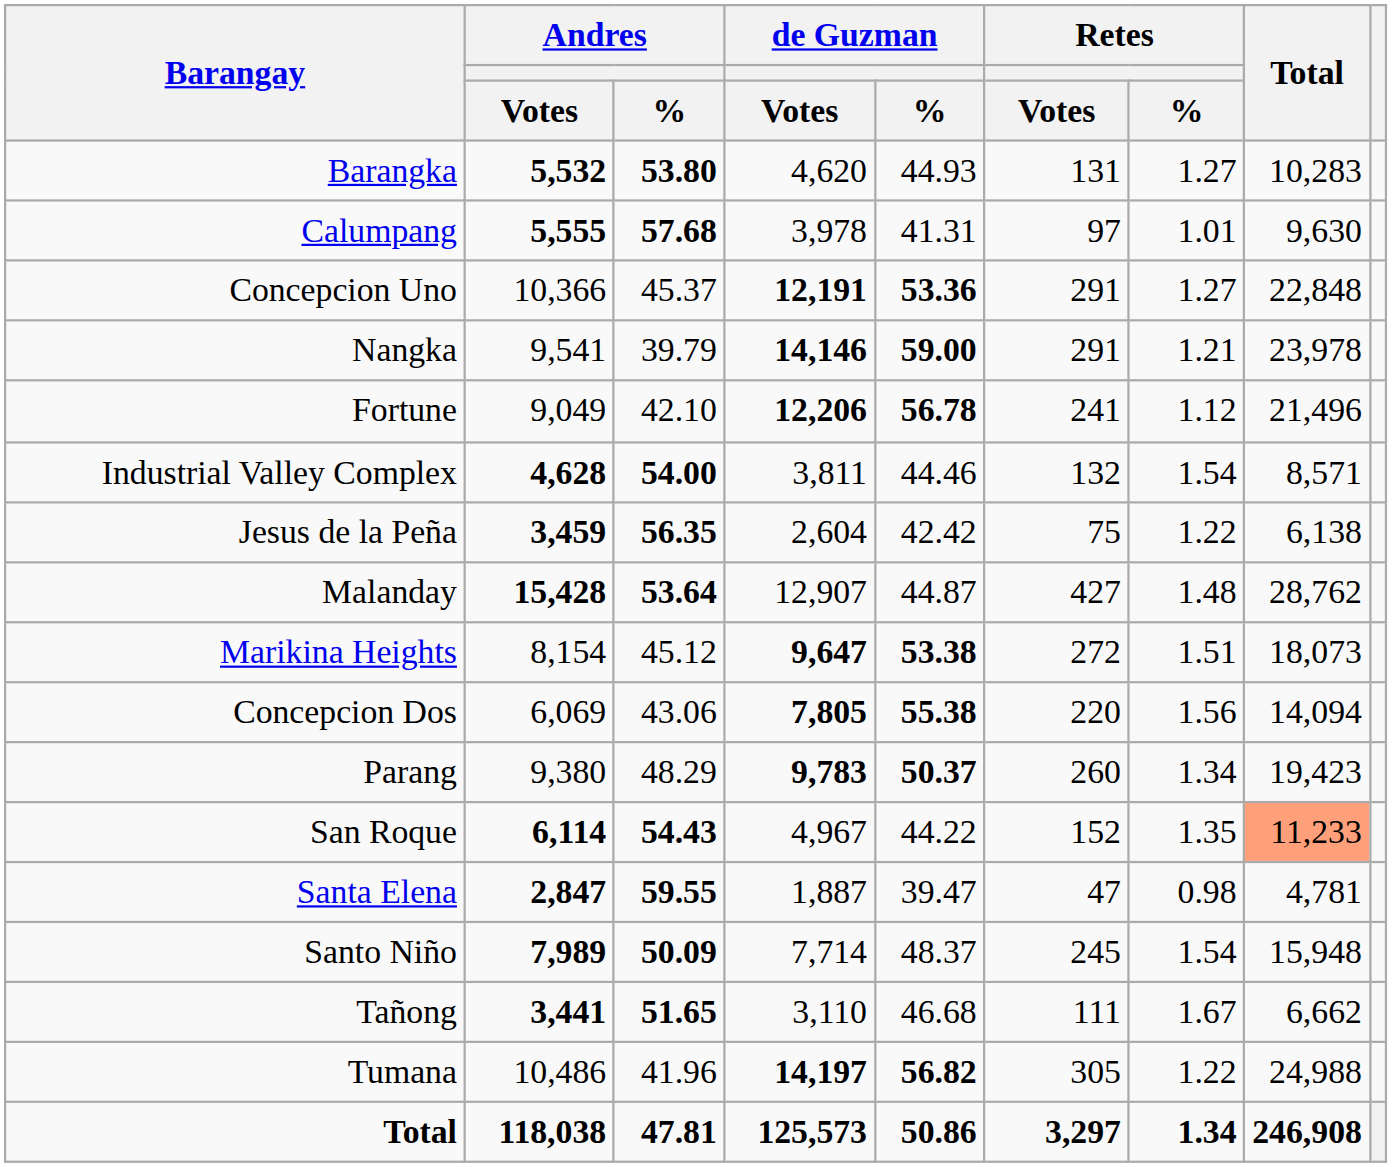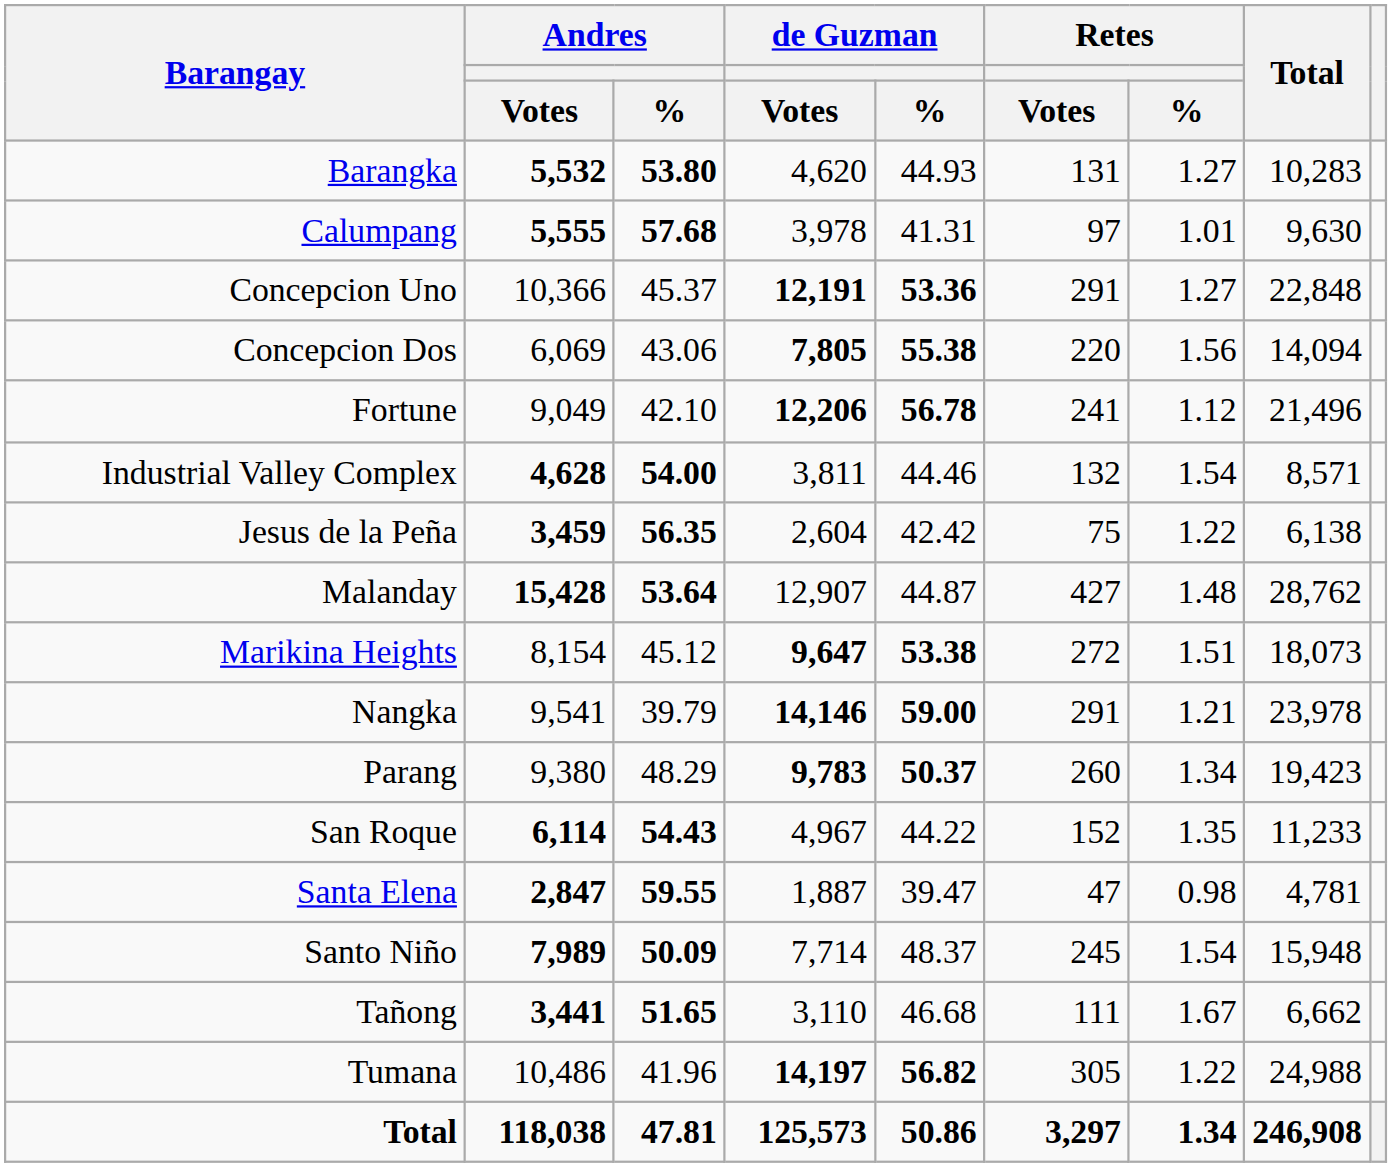 <table class="wikitable collapsible" style="text-align:right; font-size:95%; line-height:20px;">
 <tr>
 <th rowspan="3" width="200"><a href='#'>Barangay</a></th>
 <th colspan="2" width="110"><a href='#'>Andres</a></th>
 <th colspan="2" width="110"><a href='#'>de Guzman</a></th>
 <th colspan="2" width="110">Retes</th>
 <th rowspan="3">Total</th>
 <th rowspan="3"></th>
 </tr>
 <tr>
 <th colspan="2" style="background:"></th>
 <th colspan="2" style="background:"></th>
 <th colspan="2" style="background:"></th>
 </tr>
 <tr>
 <th>Votes</th>
 <th>%</th>
 <th>Votes</th>
 <th>%</th>
 <th>Votes</th>
 <th>%</th>
 </tr>
 <tr>
 <td><a href='#'>Barangka</a></td>
 <td style="background:#"><strong>5,532</strong></td>
 <td style="background:#"><strong>53.80</strong></td>
 <td align="right">4,620</td>
 <td align="right">44.93</td>
 <td align="right">131</td>
 <td align="right">1.27</td>
 <td align="right">10,283</td>
 <td></td>
 </tr>
 <tr>
 <td><a href='#'>Calumpang</a></td>
 <td style="background:#"><strong>5,555</strong></td>
 <td style="background:#"><strong>57.68</strong></td>
 <td align="right">3,978</td>
 <td align="right">41.31</td>
 <td align="right">97</td>
 <td align="right">1.01</td>
 <td align="right">9,630</td>
 <td></td>
 </tr>
 <tr>
 <td>Concepcion Uno</td>
 <td align="right">10,366</td>
 <td align="right">45.37</td>
 <td style="background:#"><strong>12,191</strong></td>
 <td style="background:#"><strong>53.36</strong></td>
 <td align="right">291</td>
 <td align="right">1.27</td>
 <td align="right">22,848</td>
 <td></td>
 </tr>
 <tr>
-<td>Nangka</td>
-<td align="right">9,541</td>
-<td align="right">39.79</td>
-<td style="background:#"><strong>14,146</strong></td>
-<td style="background:#"><strong>59.00</strong></td>
-<td align="right">291</td>
-<td align="right">1.21</td>
-<td align="right">23,978</td>
+<td>Concepcion Dos</td>
+<td align="right">6,069</td>
+<td align="right">43.06</td>
+<td style="background:#"><strong>7,805</strong></td>
+<td style="background:#"><strong>55.38</strong></td>
+<td align="right">220</td>
+<td align="right">1.56</td>
+<td align="right">14,094</td>
 <td></td>
 </tr>
 <tr>
 <td>Fortune</td>
 <td align="right">9,049</td>
 <td align="right">42.10</td>
 <td style="background:#"><strong>12,206</strong></td>
 <td style="background:#"><strong>56.78</strong></td>
 <td align="right">241</td>
 <td align="right">1.12</td>
 <td align="right">21,496</td>
 <td></td>
 </tr>
 <tr>
 <td>Industrial Valley Complex</td>
 <td style="background:#"><strong>4,628</strong></td>
 <td style="background:#"><strong>54.00</strong></td>
 <td align="right">3,811</td>
 <td align="right">44.46</td>
 <td align="right">132</td>
 <td align="right">1.54</td>
 <td align="right">8,571</td>
 <td></td>
 </tr>
 <tr>
 <td>Jesus de la Peña</td>
 <td style="background:#"><strong>3,459</strong></td>
 <td style="background:#"><strong>56.35</strong></td>
 <td align="right">2,604</td>
 <td align="right">42.42</td>
 <td align="right">75</td>
 <td align="right">1.22</td>
 <td align="right">6,138</td>
 <td></td>
 </tr>
 <tr>
 <td>Malanday</td>
 <td style="background:#"><strong>15,428</strong></td>
 <td style="background:#"><strong>53.64</strong></td>
 <td align="right">12,907</td>
 <td align="right">44.87</td>
 <td align="right">427</td>
 <td align="right">1.48</td>
 <td align="right">28,762</td>
 <td></td>
 </tr>
 <tr>
 <td><a href='#'>Marikina Heights</a></td>
 <td align="right">8,154</td>
 <td align="right">45.12</td>
 <td style="background:#"><strong>9,647</strong></td>
 <td style="background:#"><strong>53.38</strong></td>
 <td align="right">272</td>
 <td align="right">1.51</td>
 <td align="right">18,073</td>
 <td></td>
 </tr>
 <tr>
-<td>Concepcion Dos</td>
-<td align="right">6,069</td>
-<td align="right">43.06</td>
-<td style="background:#"><strong>7,805</strong></td>
-<td style="background:#"><strong>55.38</strong></td>
-<td align="right">220</td>
-<td align="right">1.56</td>
-<td align="right">14,094</td>
+<td>Nangka</td>
+<td align="right">9,541</td>
+<td align="right">39.79</td>
+<td style="background:#"><strong>14,146</strong></td>
+<td style="background:#"><strong>59.00</strong></td>
+<td align="right">291</td>
+<td align="right">1.21</td>
+<td align="right">23,978</td>
 <td></td>
 </tr>
 <tr>
 <td>Parang</td>
 <td align="right">9,380</td>
 <td align="right">48.29</td>
 <td style="background:#"><strong>9,783</strong></td>
 <td style="background:#"><strong>50.37</strong></td>
 <td align="right">260</td>
 <td align="right">1.34</td>
 <td align="right">19,423</td>
 <td></td>
 </tr>
 <tr>
 <td>San Roque</td>
 <td style="background:#"><strong>6,114</strong></td>
 <td style="background:#"><strong>54.43</strong></td>
 <td align="right">4,967</td>
 <td align="right">44.22</td>
 <td align="right">152</td>
 <td align="right">1.35</td>
-<td align="right" style="background: lightsalmon;">11,233</td>
+<td align="right">11,233</td>
 <td></td>
 </tr>
 <tr>
 <td><a href='#'>Santa Elena</a></td>
 <td style="background:#"><strong>2,847</strong></td>
 <td style="background:#"><strong>59.55</strong></td>
 <td align="right">1,887</td>
 <td align="right">39.47</td>
 <td align="right">47</td>
 <td align="right">0.98</td>
 <td align="right">4,781</td>
 <td></td>
 </tr>
 <tr>
 <td>Santo Niño</td>
 <td style="background:#"><strong>7,989</strong></td>
 <td style="background:#"><strong>50.09</strong></td>
 <td align="right">7,714</td>
 <td align="right">48.37</td>
 <td align="right">245</td>
 <td align="right">1.54</td>
 <td align="right">15,948</td>
 <td></td>
 </tr>
 <tr>
 <td>Tañong</td>
 <td style="background:#"><strong>3,441</strong></td>
 <td style="background:#"><strong>51.65</strong></td>
 <td align="right">3,110</td>
 <td align="right">46.68</td>
 <td align="right">111</td>
 <td align="right">1.67</td>
 <td align="right">6,662</td>
 <td></td>
 </tr>
 <tr>
 <td>Tumana</td>
 <td align="right">10,486</td>
 <td align="right">41.96</td>
 <td style="background:#"><strong>14,197</strong></td>
 <td style="background:#"><strong>56.82</strong></td>
 <td align="right">305</td>
 <td align="right">1.22</td>
 <td align="right">24,988</td>
 <td></td>
 </tr>
 <tr>
 <td><strong>Total</strong></td>
 <td align="right"><strong>118,038</strong></td>
 <td align="right"><strong>47.81</strong></td>
 <td style="background:#"><strong>125,573</strong></td>
 <td style="background:#"><strong>50.86</strong></td>
 <td align="right"><strong>3,297</strong></td>
 <td align="right"><strong>1.34</strong></td>
 <td align="right"><strong>246,908</strong></td>
 <th></th>
 </tr>
 </table>
